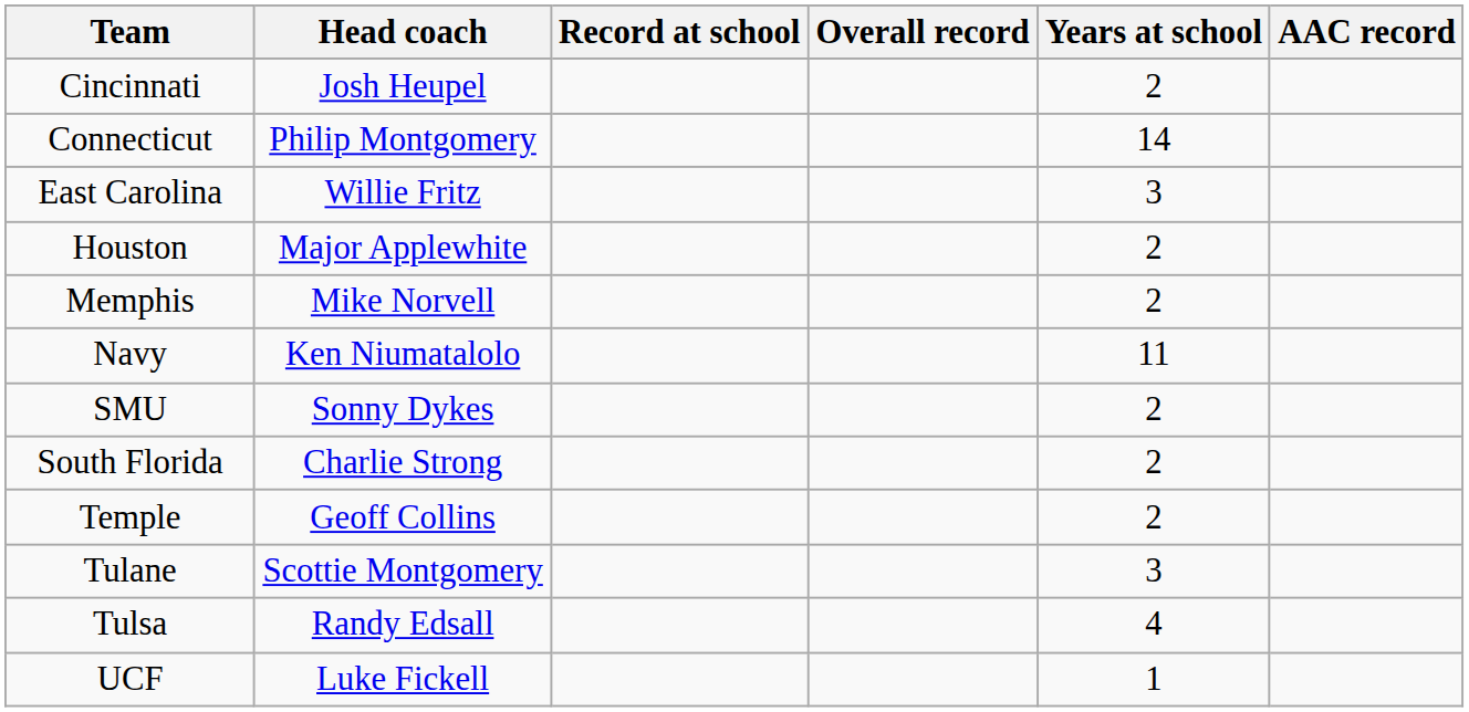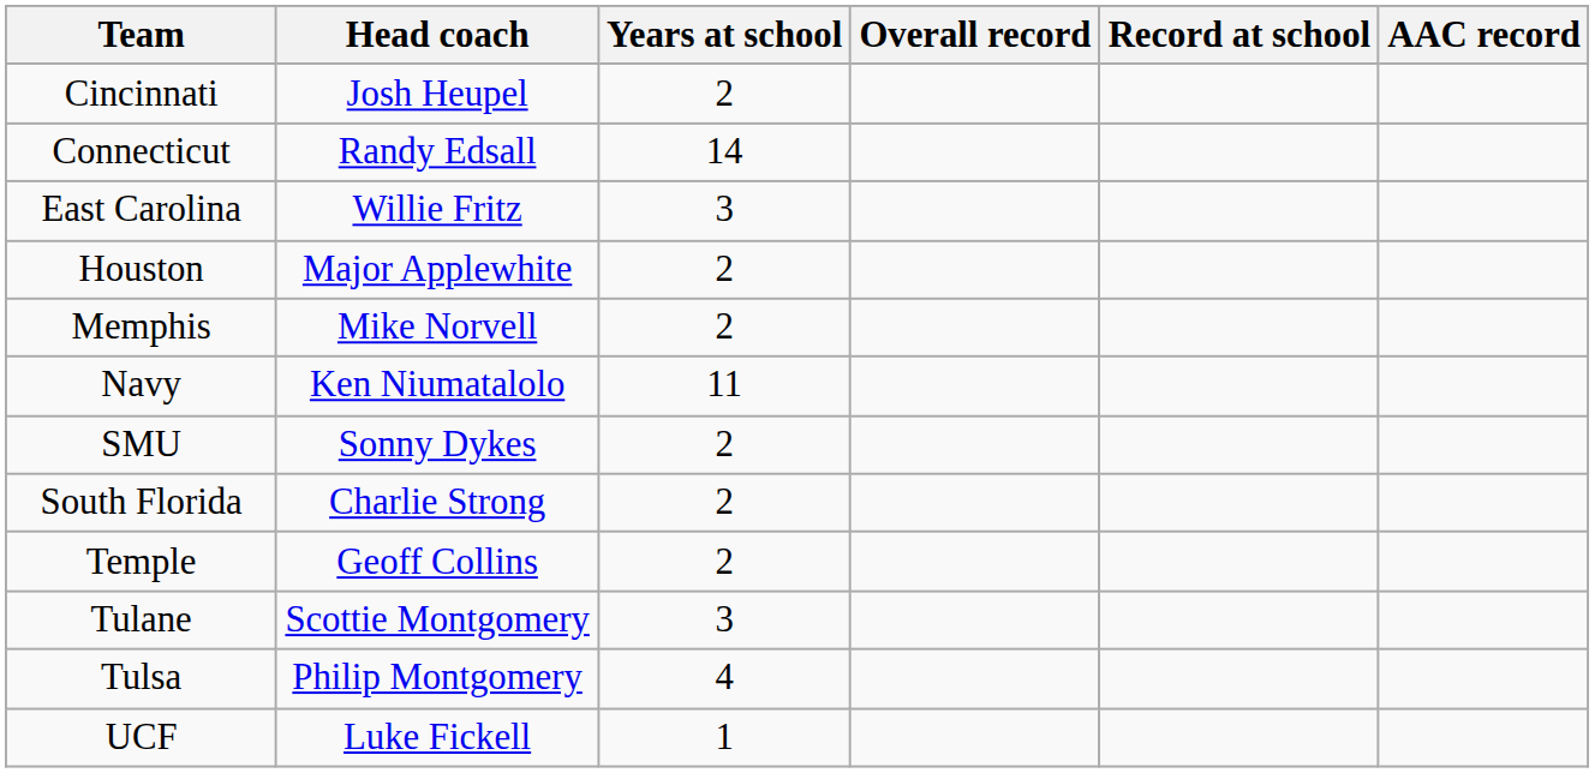 <table class="wikitable sortable" style="text-align: center;">
 <tr>
 <th width="110">Team</th>
 <th>Head coach</th>
+<th>Years at school</th>
+<th>Overall record</th>
 <th>Record at school</th>
-<th>Overall record</th>
-<th>Years at school</th>
 <th>AAC record</th>
 </tr>
 <tr>
 <td>Cincinnati</td>
 <td><a href='#'>Josh Heupel</a></td>
+<td>2</td>
 <td data-sort-value=></td>
 <td data-sort-value=></td>
-<td>2</td>
 <td data-sort-value=></td>
 </tr>
 <tr>
 <td>Connecticut</td>
-<td><a href='#'>Philip Montgomery</a></td>
+<td><a href='#'>Randy Edsall</a></td>
+<td>14</td>
 <td data-sort-value=></td>
 <td data-sort-value=></td>
-<td>14</td>
 <td data-sort-value=></td>
 </tr>
 <tr>
 <td>East Carolina</td>
 <td><a href='#'>Willie Fritz</a></td>
+<td>3</td>
 <td data-sort-value=></td>
 <td data-sort-value=></td>
-<td>3</td>
 <td data-sort-value=></td>
 </tr>
 <tr>
 <td>Houston</td>
 <td><a href='#'>Major Applewhite</a></td>
+<td>2</td>
 <td data-sort-value=></td>
 <td data-sort-value=></td>
-<td>2</td>
 <td data-sort-value=></td>
 </tr>
 <tr>
 <td>Memphis</td>
 <td><a href='#'>Mike Norvell</a></td>
+<td>2</td>
 <td data-sort-value=></td>
 <td data-sort-value=></td>
-<td>2</td>
 <td data-sort-value=></td>
 </tr>
 <tr>
 <td>Navy</td>
 <td><a href='#'>Ken Niumatalolo</a></td>
+<td>11</td>
 <td data-sort-value=></td>
 <td data-sort-value=></td>
-<td>11</td>
 <td data-sort-value=></td>
 </tr>
 <tr>
 <td>SMU</td>
 <td><a href='#'>Sonny Dykes</a></td>
+<td>2</td>
 <td data-sort-value=></td>
 <td data-sort-value=></td>
-<td>2</td>
 <td data-sort-value=></td>
 </tr>
 <tr>
 <td>South Florida</td>
 <td><a href='#'>Charlie Strong</a></td>
+<td>2</td>
 <td data-sort-value=></td>
 <td data-sort-value=></td>
-<td>2</td>
 <td data-sort-value=></td>
 </tr>
 <tr>
 <td>Temple</td>
 <td><a href='#'>Geoff Collins</a></td>
+<td>2</td>
 <td data-sort-value=></td>
 <td data-sort-value=></td>
-<td>2</td>
 <td data-sort-value=></td>
 </tr>
 <tr>
 <td>Tulane</td>
 <td><a href='#'>Scottie Montgomery</a></td>
+<td>3</td>
 <td data-sort-value=></td>
 <td data-sort-value=></td>
-<td>3</td>
 <td data-sort-value=></td>
 </tr>
 <tr>
 <td>Tulsa</td>
-<td><a href='#'>Randy Edsall</a></td>
+<td><a href='#'>Philip Montgomery</a></td>
+<td>4</td>
 <td data-sort-value=></td>
 <td data-sort-value=></td>
-<td>4</td>
 <td data-sort-value=></td>
 </tr>
 <tr>
 <td>UCF</td>
 <td><a href='#'>Luke Fickell</a></td>
+<td>1</td>
 <td data-sort-value=></td>
 <td data-sort-value=></td>
-<td>1</td>
 <td data-sort-value=></td>
 </tr>
 </table>
